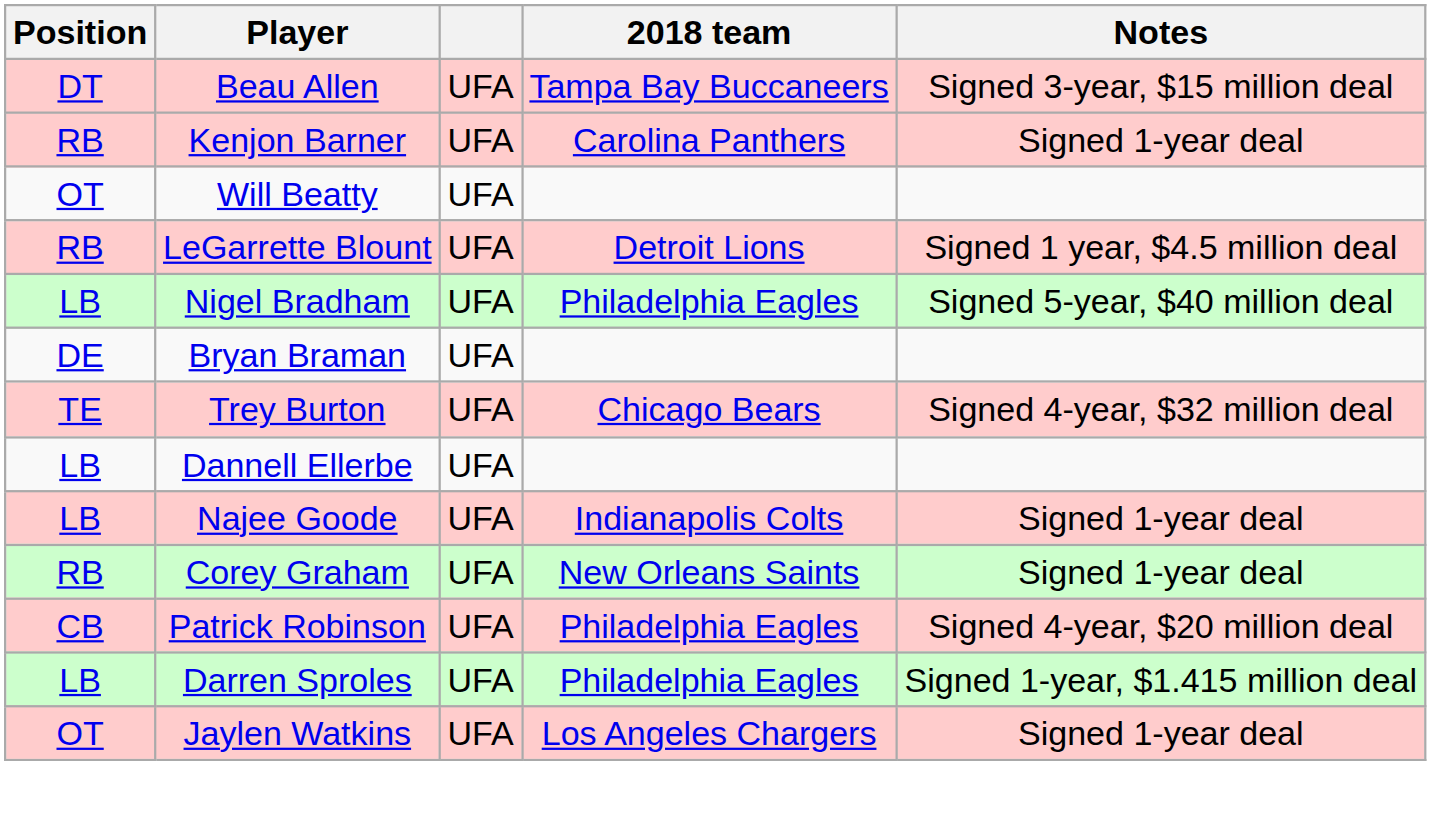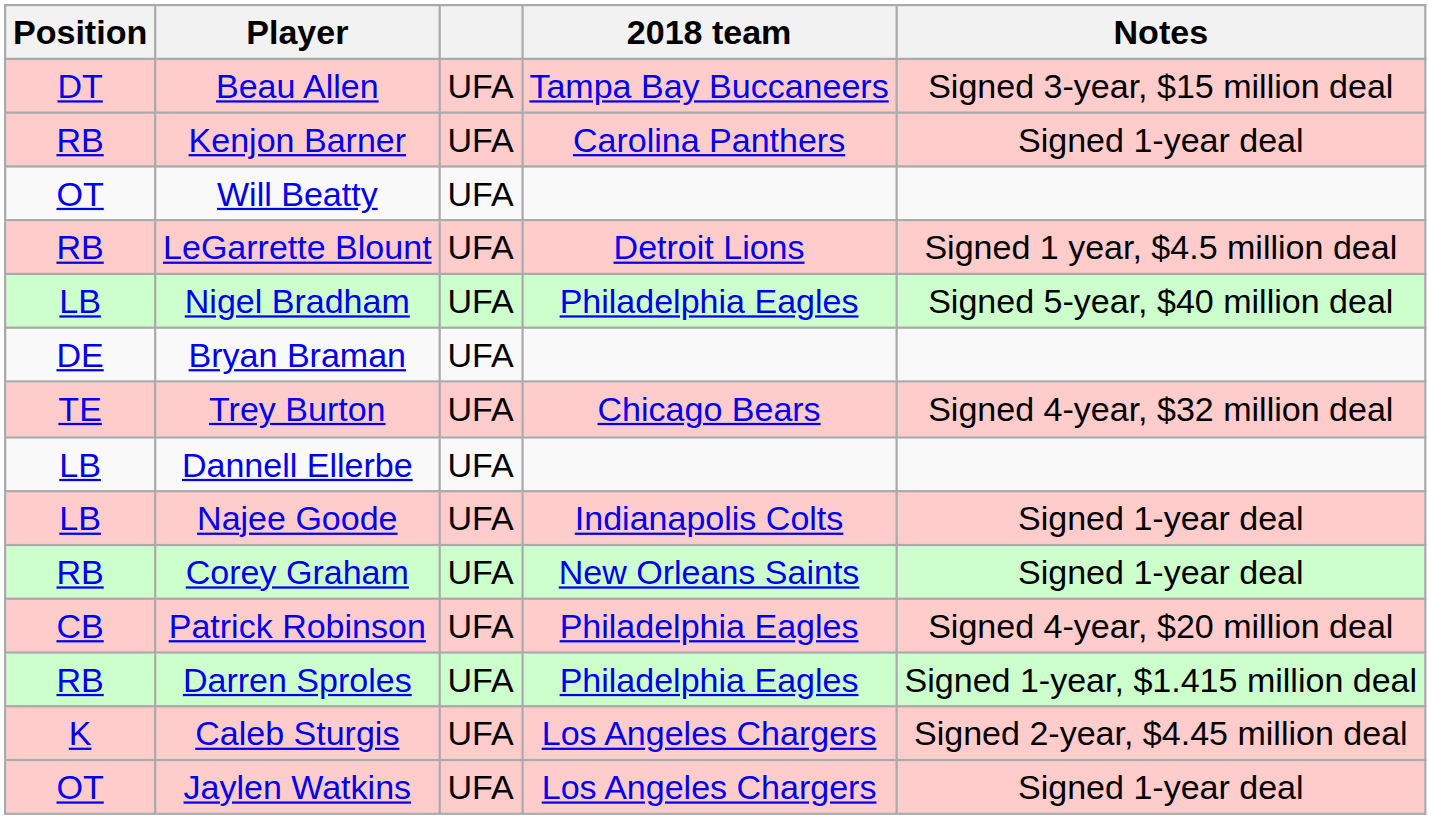 <table class="wikitable" style="font-size: 95%; text-align: center">
 <tr>
 <th>Position</th>
 <th>Player</th>
 <th></th>
 <th>2018 team</th>
 <th>Notes</th>
 </tr>
 <tr style="background:#fcc">
 <td><a href='#'>DT</a></td>
 <td><a href='#'>Beau Allen</a></td>
 <td>UFA</td>
 <td><a href='#'>Tampa Bay Buccaneers</a></td>
 <td>Signed 3-year, $15 million deal</td>
 </tr>
 <tr style="background:#fcc">
 <td><a href='#'>RB</a></td>
 <td><a href='#'>Kenjon Barner</a></td>
 <td>UFA</td>
 <td><a href='#'>Carolina Panthers</a></td>
 <td>Signed 1-year deal</td>
 </tr>
 <tr>
 <td><a href='#'>OT</a></td>
 <td><a href='#'>Will Beatty</a></td>
 <td>UFA</td>
 <td></td>
 <td></td>
 </tr>
 <tr style="background:#fcc">
 <td><a href='#'>RB</a></td>
 <td><a href='#'>LeGarrette Blount</a></td>
 <td>UFA</td>
 <td><a href='#'>Detroit Lions</a></td>
 <td>Signed 1 year, $4.5 million deal</td>
 </tr>
 <tr style="background:#cfc">
 <td><a href='#'>LB</a></td>
 <td><a href='#'>Nigel Bradham</a></td>
 <td>UFA</td>
 <td><a href='#'>Philadelphia Eagles</a></td>
 <td>Signed 5-year, $40 million deal</td>
 </tr>
 <tr>
 <td><a href='#'>DE</a></td>
 <td><a href='#'>Bryan Braman</a></td>
 <td>UFA</td>
 <td></td>
 <td></td>
 </tr>
 <tr style="background:#fcc">
 <td><a href='#'>TE</a></td>
 <td><a href='#'>Trey Burton</a></td>
 <td>UFA</td>
 <td><a href='#'>Chicago Bears</a></td>
 <td>Signed 4-year, $32 million deal</td>
 </tr>
 <tr>
 <td><a href='#'>LB</a></td>
 <td><a href='#'>Dannell Ellerbe</a></td>
 <td>UFA</td>
 <td></td>
 <td></td>
 </tr>
 <tr style="background:#fcc">
 <td><a href='#'>LB</a></td>
 <td><a href='#'>Najee Goode</a></td>
 <td>UFA</td>
 <td><a href='#'>Indianapolis Colts</a></td>
 <td>Signed 1-year deal</td>
 </tr>
 <tr style="background:#cfc">
 <td><a href='#'>RB</a></td>
 <td><a href='#'>Corey Graham</a></td>
 <td>UFA</td>
 <td><a href='#'>New Orleans Saints</a></td>
 <td>Signed 1-year deal</td>
 </tr>
 <tr style="background:#fcc">
 <td><a href='#'>CB</a></td>
 <td><a href='#'>Patrick Robinson</a></td>
 <td>UFA</td>
 <td><a href='#'>Philadelphia Eagles</a></td>
 <td>Signed 4-year, $20 million deal</td>
 </tr>
 <tr style="background:#cfc">
-<td><a href='#'>LB</a></td>
+<td><a href='#'>RB</a></td>
 <td><a href='#'>Darren Sproles</a></td>
 <td>UFA</td>
 <td><a href='#'>Philadelphia Eagles</a></td>
 <td>Signed 1-year, $1.415 million deal</td>
+</tr>
+<tr style="background:#fcc">
+<td><a href='#'>K</a></td>
+<td><a href='#'>Caleb Sturgis</a></td>
+<td>UFA</td>
+<td><a href='#'>Los Angeles Chargers</a></td>
+<td>Signed 2-year, $4.45 million deal</td>
 </tr>
 <tr style="background:#fcc">
 <td><a href='#'>OT</a></td>
 <td><a href='#'>Jaylen Watkins</a></td>
 <td>UFA</td>
 <td><a href='#'>Los Angeles Chargers</a></td>
 <td>Signed 1-year deal</td>
 </tr>
 </table>
